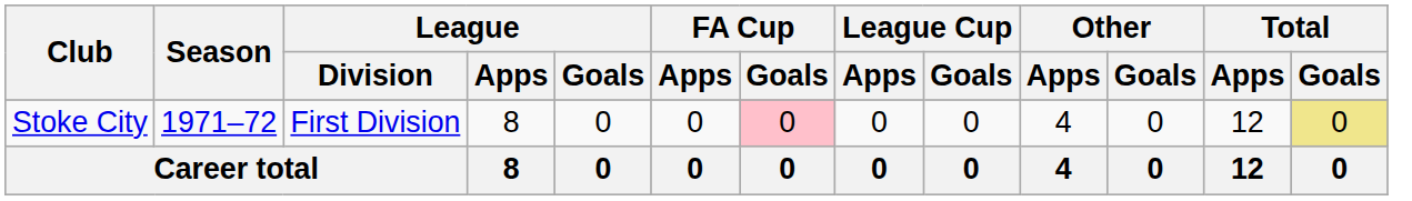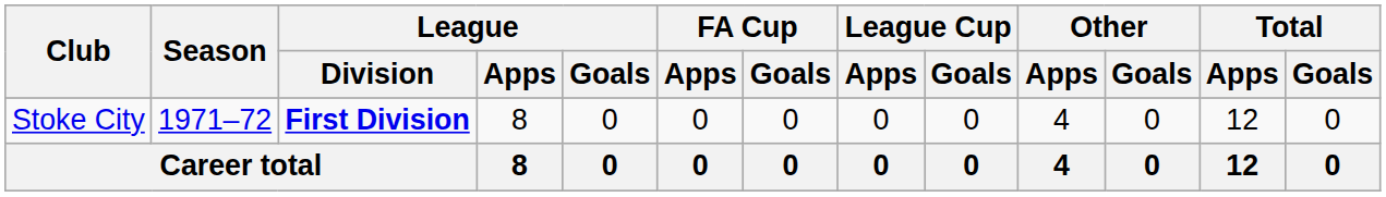 <table class="wikitable" style="text-align: center;">
 <tr>
 <th rowspan="2">Club</th>
 <th rowspan="2">Season</th>
 <th colspan="3">League</th>
 <th colspan="2">FA Cup</th>
 <th colspan="2">League Cup</th>
 <th colspan="2">Other</th>
 <th colspan="2">Total</th>
 </tr>
 <tr>
 <th>Division</th>
 <th>Apps</th>
 <th>Goals</th>
 <th>Apps</th>
 <th>Goals</th>
 <th>Apps</th>
 <th>Goals</th>
 <th>Apps</th>
 <th>Goals</th>
 <th>Apps</th>
 <th>Goals</th>
 </tr>
 <tr>
 <td><a href='#'>Stoke City</a></td>
 <td><a href='#'>1971–72</a></td>
-<td><a href='#'>First Division</a></td>
+<td><strong><a href='#'>First Division</a></strong></td>
 <td>8</td>
 <td>0</td>
 <td>0</td>
-<td style="background: pink;">0</td>
+<td>0</td>
 <td>0</td>
 <td>0</td>
 <td>4</td>
 <td>0</td>
 <td>12</td>
-<td style="background: khaki;">0</td>
+<td>0</td>
 </tr>
 <tr>
 <th colspan="3">Career total</th>
 <th>8</th>
 <th>0</th>
 <th>0</th>
 <th>0</th>
 <th>0</th>
 <th>0</th>
 <th>4</th>
 <th>0</th>
 <th>12</th>
 <th>0</th>
 </tr>
 </table>
